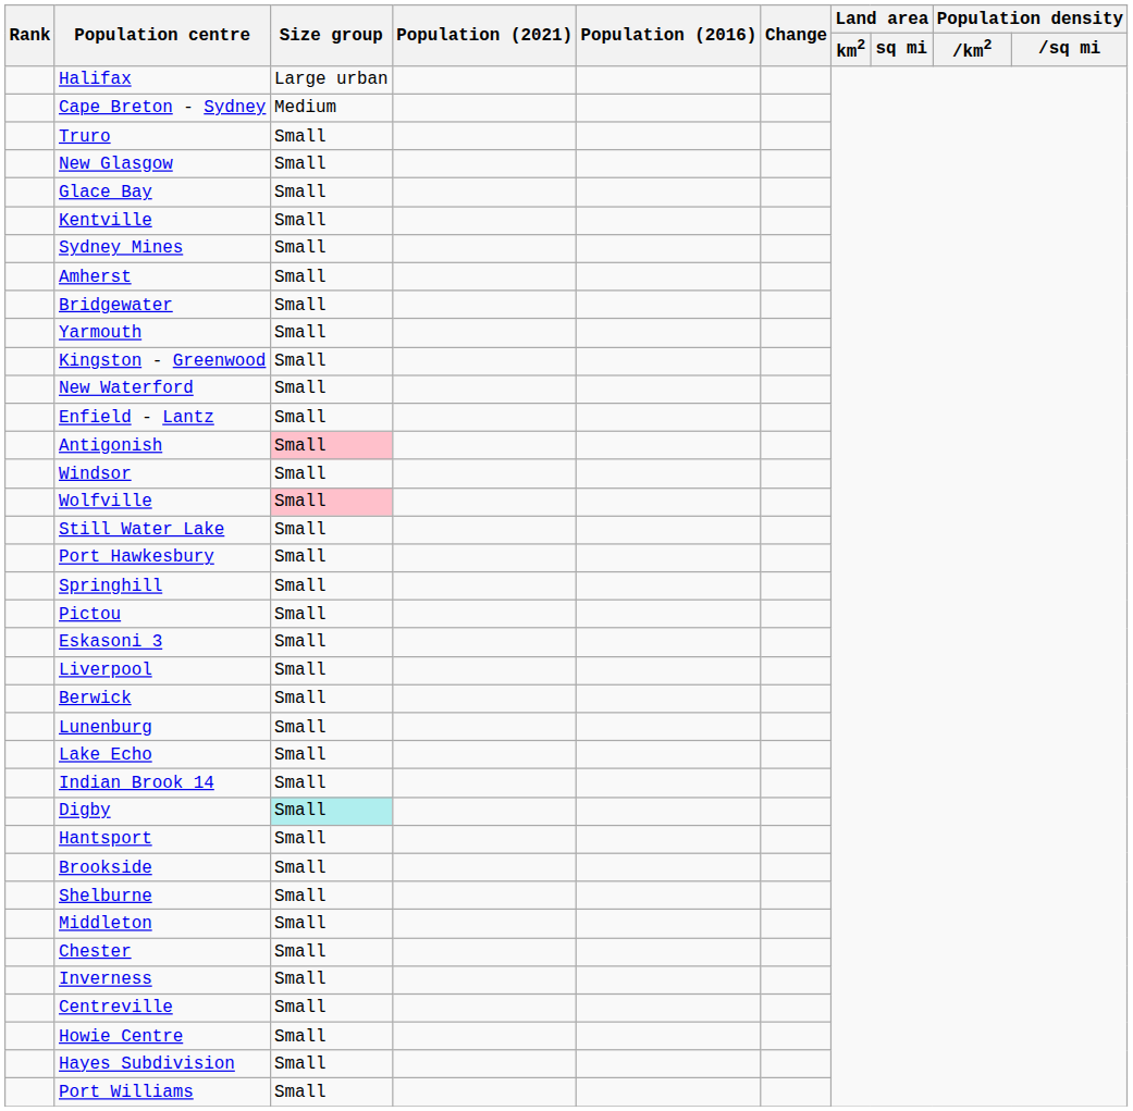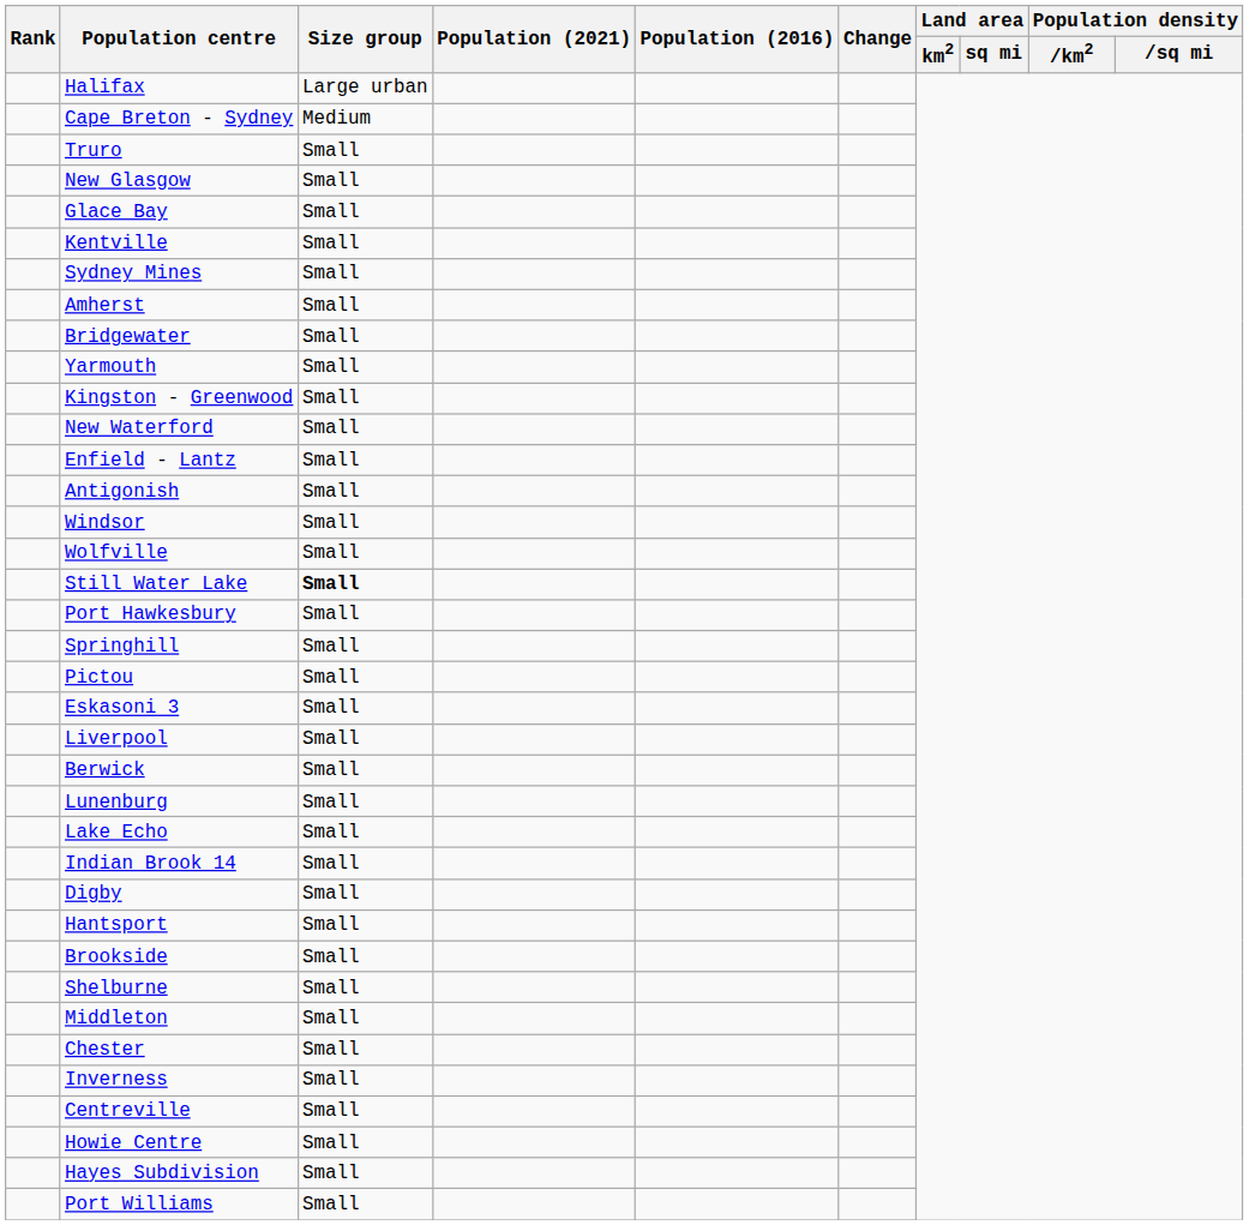 <table class="wikitable sortable">
 <tr>
 <th rowspan=2>Rank</th>
 <th rowspan=2>Population centre</th>
 <th rowspan=2>Size group</th>
 <th rowspan=2>Population (2021)</th>
 <th rowspan=2>Population (2016)</th>
 <th rowspan=2>Change</th>
 <th colspan=2>Land area</th>
 <th colspan=2>Population density</th>
 </tr>
 <tr>
 <th>km<sup>2</sup></th>
 <th>sq mi</th>
 <th>/km<sup>2</sup></th>
 <th>/sq mi</th>
 </tr>
 <tr>
 <td scope=row align=center></td>
 <td><a href='#'>Halifax</a></td>
 <td>Large urban</td>
 <td></td>
 <td></td>
 <td></td>
 </tr>
 <tr>
 <td scope=row align=center></td>
 <td><a href='#'>Cape Breton</a> - <a href='#'>Sydney</a></td>
 <td>Medium</td>
 <td></td>
 <td></td>
 <td></td>
 </tr>
 <tr>
 <td scope=row align=center></td>
 <td><a href='#'>Truro</a></td>
 <td>Small</td>
 <td></td>
 <td></td>
 <td></td>
 </tr>
 <tr>
 <td scope=row align=center></td>
 <td><a href='#'>New Glasgow</a></td>
 <td>Small</td>
 <td></td>
 <td></td>
 <td></td>
 </tr>
 <tr>
 <td scope=row align=center></td>
 <td><a href='#'>Glace Bay</a></td>
 <td>Small</td>
 <td></td>
 <td></td>
 <td></td>
 </tr>
 <tr>
 <td scope=row align=center></td>
 <td><a href='#'>Kentville</a></td>
 <td>Small</td>
 <td></td>
 <td></td>
 <td></td>
 </tr>
 <tr>
 <td scope=row align=center></td>
 <td><a href='#'>Sydney Mines</a></td>
 <td>Small</td>
 <td></td>
 <td></td>
 <td></td>
 </tr>
 <tr>
 <td scope=row align=center></td>
 <td><a href='#'>Amherst</a></td>
 <td>Small</td>
 <td></td>
 <td></td>
 <td></td>
 </tr>
 <tr>
 <td scope=row align=center></td>
 <td><a href='#'>Bridgewater</a></td>
 <td>Small</td>
 <td></td>
 <td></td>
 <td></td>
 </tr>
 <tr>
 <td scope=row align=center></td>
 <td><a href='#'>Yarmouth</a></td>
 <td>Small</td>
 <td></td>
 <td></td>
 <td></td>
 </tr>
 <tr>
 <td scope=row align=center></td>
 <td><a href='#'>Kingston</a> - <a href='#'>Greenwood</a></td>
 <td>Small</td>
 <td></td>
 <td></td>
 <td></td>
 </tr>
 <tr>
 <td scope=row align=center></td>
 <td><a href='#'>New Waterford</a></td>
 <td>Small</td>
 <td></td>
 <td></td>
 <td></td>
 </tr>
 <tr>
 <td scope=row align=center></td>
 <td><a href='#'>Enfield</a> - <a href='#'>Lantz</a></td>
 <td>Small</td>
 <td></td>
 <td></td>
 <td></td>
 </tr>
 <tr>
 <td scope=row align=center></td>
 <td><a href='#'>Antigonish</a></td>
-<td style="background: pink;">Small</td>
+<td>Small</td>
 <td></td>
 <td></td>
 <td></td>
 </tr>
 <tr>
 <td scope=row align=center></td>
 <td><a href='#'>Windsor</a></td>
 <td>Small</td>
 <td></td>
 <td></td>
 <td></td>
 </tr>
 <tr>
 <td scope=row align=center></td>
 <td><a href='#'>Wolfville</a></td>
-<td style="background: pink;">Small</td>
+<td>Small</td>
 <td></td>
 <td></td>
 <td></td>
 </tr>
 <tr>
 <td scope=row align=center></td>
 <td><a href='#'>Still Water Lake</a></td>
-<td>Small</td>
+<td><strong>Small</strong></td>
 <td></td>
 <td></td>
 <td></td>
 </tr>
 <tr>
 <td scope=row align=center></td>
 <td><a href='#'>Port Hawkesbury</a></td>
 <td>Small</td>
 <td></td>
 <td></td>
 <td></td>
 </tr>
 <tr>
 <td scope=row align=center></td>
 <td><a href='#'>Springhill</a></td>
 <td>Small</td>
 <td></td>
 <td></td>
 <td></td>
 </tr>
 <tr>
 <td scope=row align=center></td>
 <td><a href='#'>Pictou</a></td>
 <td>Small</td>
 <td></td>
 <td></td>
 <td></td>
 </tr>
 <tr>
 <td scope=row align=center></td>
 <td><a href='#'>Eskasoni 3</a></td>
 <td>Small</td>
 <td></td>
 <td></td>
 <td></td>
 </tr>
 <tr>
 <td scope=row align=center></td>
 <td><a href='#'>Liverpool</a></td>
 <td>Small</td>
 <td></td>
 <td></td>
 <td></td>
 </tr>
 <tr>
 <td scope=row align=center></td>
 <td><a href='#'>Berwick</a></td>
 <td>Small</td>
 <td></td>
 <td></td>
 <td></td>
 </tr>
 <tr>
 <td scope=row align=center></td>
 <td><a href='#'>Lunenburg</a></td>
 <td>Small</td>
 <td></td>
 <td></td>
 <td></td>
 </tr>
 <tr>
 <td scope=row align=center></td>
 <td><a href='#'>Lake Echo</a></td>
 <td>Small</td>
 <td></td>
 <td></td>
 <td></td>
 </tr>
 <tr>
 <td scope=row align=center></td>
 <td><a href='#'>Indian Brook 14</a></td>
 <td>Small</td>
 <td></td>
 <td></td>
 <td></td>
 </tr>
 <tr>
 <td scope=row align=center></td>
 <td><a href='#'>Digby</a></td>
-<td style="background: paleturquoise;">Small</td>
+<td>Small</td>
 <td></td>
 <td></td>
 <td></td>
 </tr>
 <tr>
 <td scope=row align=center></td>
 <td><a href='#'>Hantsport</a></td>
 <td>Small</td>
 <td></td>
 <td></td>
 <td></td>
 </tr>
 <tr>
 <td scope=row align=center></td>
 <td><a href='#'>Brookside</a></td>
 <td>Small</td>
 <td></td>
 <td></td>
 <td></td>
 </tr>
 <tr>
 <td scope=row align=center></td>
 <td><a href='#'>Shelburne</a></td>
 <td>Small</td>
 <td></td>
 <td></td>
 <td></td>
 </tr>
 <tr>
 <td scope=row align=center></td>
 <td><a href='#'>Middleton</a></td>
 <td>Small</td>
 <td></td>
 <td></td>
 <td></td>
 </tr>
 <tr>
 <td scope=row align=center></td>
 <td><a href='#'>Chester</a></td>
 <td>Small</td>
 <td></td>
 <td></td>
 <td></td>
 </tr>
 <tr>
 <td scope=row align=center></td>
 <td><a href='#'>Inverness</a></td>
 <td>Small</td>
 <td></td>
 <td></td>
 <td></td>
 </tr>
 <tr>
 <td scope=row align=center></td>
 <td><a href='#'>Centreville</a></td>
 <td>Small</td>
 <td></td>
 <td></td>
 <td></td>
 </tr>
 <tr>
 <td scope=row align=center></td>
 <td><a href='#'>Howie Centre</a></td>
 <td>Small</td>
 <td></td>
 <td></td>
 <td></td>
 </tr>
 <tr>
 <td scope=row align=center></td>
 <td><a href='#'>Hayes Subdivision</a></td>
 <td>Small</td>
 <td></td>
 <td></td>
 <td></td>
 </tr>
 <tr>
 <td scope=row align=center></td>
 <td><a href='#'>Port Williams</a></td>
 <td>Small</td>
 <td></td>
 <td></td>
 <td></td>
 </tr>
 <tr>
 </tr>
 </table>
